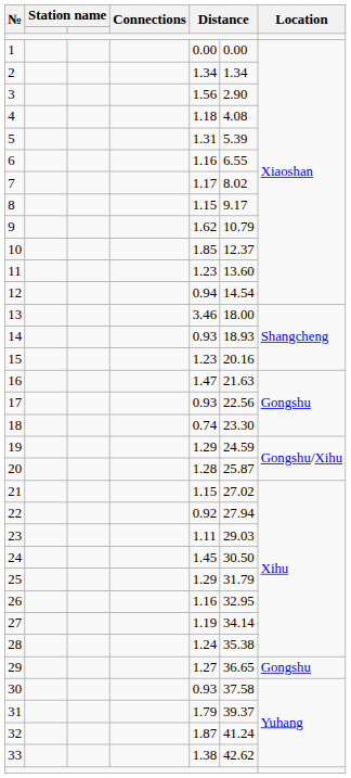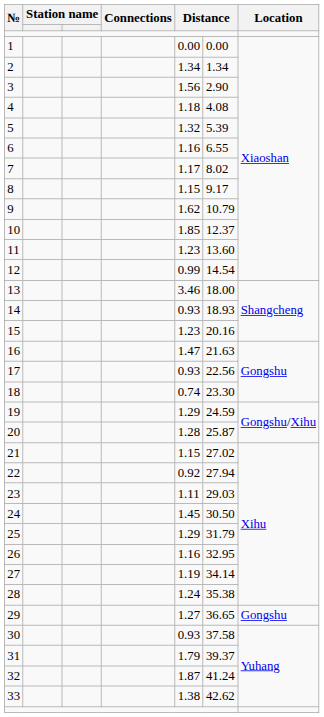 <table class="wikitable">
 <tr>
 <th rowspan="2">№</th>
 <th colspan="2">Station name</th>
 <th rowspan="2">Connections</th>
 <th colspan="2" rowspan="2">Distance<br></th>
 <th rowspan="2">Location</th>
 </tr>
 <tr>
 <th></th>
 <th></th>
 </tr>
 <tr style="background:#">
 <td colspan = "6"></td>
 </tr>
 <tr>
 <td>1</td>
 <td></td>
 <td></td>
 <td></td>
 <td>0.00</td>
 <td>0.00</td>
 <td rowspan="12"><a href='#'>Xiaoshan</a></td>
 </tr>
 <tr>
 <td>2</td>
 <td></td>
 <td></td>
 <td></td>
 <td>1.34</td>
 <td>1.34</td>
 </tr>
 <tr>
 <td>3</td>
 <td></td>
 <td></td>
 <td></td>
 <td>1.56</td>
 <td>2.90</td>
 </tr>
 <tr>
 <td>4</td>
 <td></td>
 <td></td>
 <td></td>
 <td>1.18</td>
 <td>4.08</td>
 </tr>
 <tr>
 <td>5</td>
 <td></td>
 <td></td>
 <td></td>
-<td>1.31</td>
+<td>1.32</td>
 <td>5.39</td>
 </tr>
 <tr>
 <td>6</td>
 <td></td>
 <td></td>
 <td></td>
 <td>1.16</td>
 <td>6.55</td>
 </tr>
 <tr>
 <td>7</td>
 <td></td>
 <td></td>
 <td></td>
 <td>1.17</td>
 <td>8.02</td>
 </tr>
 <tr>
 <td>8</td>
 <td></td>
 <td></td>
 <td></td>
 <td>1.15</td>
 <td>9.17</td>
 </tr>
 <tr>
 <td>9</td>
 <td></td>
 <td></td>
 <td></td>
 <td>1.62</td>
 <td>10.79</td>
 </tr>
 <tr>
 <td>10</td>
 <td></td>
 <td></td>
 <td></td>
 <td>1.85</td>
 <td>12.37</td>
 </tr>
 <tr>
 <td>11</td>
 <td></td>
 <td></td>
 <td></td>
 <td>1.23</td>
 <td>13.60</td>
 </tr>
 <tr>
 <td>12</td>
 <td></td>
 <td></td>
 <td></td>
-<td>0.94</td>
+<td>0.99</td>
 <td>14.54</td>
 </tr>
 <tr>
 <td>13</td>
 <td></td>
 <td></td>
 <td> </td>
 <td>3.46</td>
 <td>18.00</td>
 <td rowspan="3"><a href='#'>Shangcheng</a></td>
 </tr>
 <tr>
 <td>14</td>
 <td></td>
 <td></td>
 <td></td>
 <td>0.93</td>
 <td>18.93</td>
 </tr>
 <tr>
 <td>15</td>
 <td></td>
 <td></td>
 <td></td>
 <td>1.23</td>
 <td>20.16</td>
 </tr>
 <tr>
 <td>16</td>
 <td></td>
 <td></td>
 <td></td>
 <td>1.47</td>
 <td>21.63</td>
 <td rowspan="3"><a href='#'>Gongshu</a></td>
 </tr>
 <tr>
 <td>17</td>
 <td></td>
 <td></td>
 <td></td>
 <td>0.93</td>
 <td>22.56</td>
 </tr>
 <tr>
 <td>18</td>
 <td></td>
 <td></td>
 <td></td>
 <td>0.74</td>
 <td>23.30</td>
 </tr>
 <tr>
 <td>19</td>
 <td></td>
 <td></td>
 <td></td>
 <td>1.29</td>
 <td>24.59</td>
 <td rowspan="2"><a href='#'>Gongshu</a>/<a href='#'>Xihu</a></td>
 </tr>
 <tr>
 <td>20</td>
 <td></td>
 <td></td>
 <td></td>
 <td>1.28</td>
 <td>25.87</td>
 </tr>
 <tr>
 <td>21</td>
 <td></td>
 <td></td>
 <td></td>
 <td>1.15</td>
 <td>27.02</td>
 <td rowspan="8"><a href='#'>Xihu</a></td>
 </tr>
 <tr>
 <td>22</td>
 <td></td>
 <td></td>
 <td></td>
 <td>0.92</td>
 <td>27.94</td>
 </tr>
 <tr>
 <td>23</td>
 <td></td>
 <td></td>
 <td></td>
 <td>1.11</td>
 <td>29.03</td>
 </tr>
 <tr>
 <td>24</td>
 <td></td>
 <td></td>
 <td></td>
 <td>1.45</td>
 <td>30.50</td>
 </tr>
 <tr>
 <td>25</td>
 <td></td>
 <td></td>
 <td></td>
 <td>1.29</td>
 <td>31.79</td>
 </tr>
 <tr>
 <td>26</td>
 <td></td>
 <td></td>
 <td></td>
 <td>1.16</td>
 <td>32.95</td>
 </tr>
 <tr>
 <td>27</td>
 <td></td>
 <td></td>
 <td></td>
 <td>1.19</td>
 <td>34.14</td>
 </tr>
 <tr>
 <td>28</td>
 <td></td>
 <td></td>
 <td></td>
 <td>1.24</td>
 <td>35.38</td>
 </tr>
 <tr>
 <td>29</td>
 <td></td>
 <td></td>
 <td></td>
 <td>1.27</td>
 <td>36.65</td>
 <td><a href='#'>Gongshu</a></td>
 </tr>
 <tr>
 <td>30</td>
 <td></td>
 <td></td>
 <td></td>
 <td>0.93</td>
 <td>37.58</td>
 <td rowspan="4"><a href='#'>Yuhang</a></td>
 </tr>
 <tr>
 <td>31</td>
 <td></td>
 <td></td>
 <td></td>
 <td>1.79</td>
 <td>39.37</td>
 </tr>
 <tr>
 <td>32</td>
 <td></td>
 <td></td>
 <td></td>
 <td>1.87</td>
 <td>41.24</td>
 </tr>
 <tr>
 <td>33</td>
 <td></td>
 <td></td>
 <td></td>
 <td>1.38</td>
 <td>42.62</td>
 </tr>
 <tr style="background:#">
 <td colspan = "6"></td>
 </tr>
 </table>
